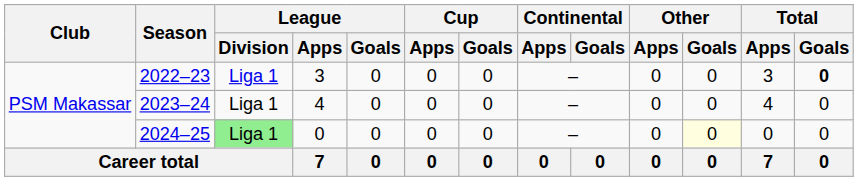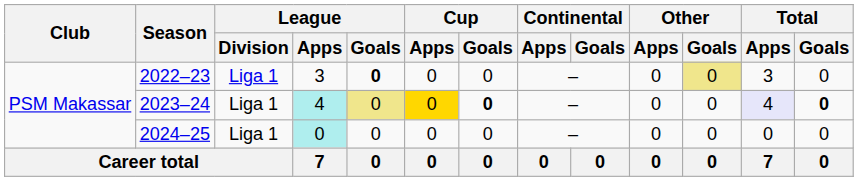 <table class="wikitable" style="text-align: center">
 <tr>
 <th rowspan="2">Club</th>
 <th rowspan="2">Season</th>
 <th colspan="3">League</th>
 <th colspan="2">Cup</th>
 <th colspan="2">Continental</th>
 <th colspan="2">Other</th>
 <th colspan="3">Total</th>
 </tr>
 <tr>
 <th>Division</th>
 <th>Apps</th>
 <th>Goals</th>
 <th>Apps</th>
 <th>Goals</th>
 <th>Apps</th>
 <th>Goals</th>
 <th>Apps</th>
 <th>Goals</th>
 <th>Apps</th>
 <th>Goals</th>
 </tr>
 <tr>
 <td rowspan="3"><a href='#'>PSM Makassar</a></td>
 <td><a href='#'>2022–23</a></td>
 <td rowspan="1" valign="center"><a href='#'>Liga 1</a></td>
 <td>3</td>
+<td><strong>0</strong></td>
+<td>0</td>
+<td>0</td>
+<td colspan="2">–</td>
+<td>0</td>
+<td style="background: khaki;">0</td>
+<td>3</td>
+<td>0</td>
+</tr>
+<tr>
+<td><a href='#'>2023–24</a></td>
+<td>Liga 1</td>
+<td style="background: paleturquoise;">4</td>
+<td style="background: khaki;">0</td>
+<td style="background: gold;">0</td>
+<td><strong>0</strong></td>
+<td colspan="2">–</td>
+<td>0</td>
+<td>0</td>
+<td style="background: lavender;">4</td>
+<td><strong>0</strong></td>
+</tr>
+<tr>
+<td><a href='#'>2024–25</a></td>
+<td>Liga 1</td>
+<td style="background: paleturquoise;">0</td>
 <td>0</td>
 <td>0</td>
 <td>0</td>
 <td colspan="2">–</td>
 <td>0</td>
 <td>0</td>
-<td>3</td>
-<td><strong>0</strong></td>
-</tr>
-<tr>
-<td><a href='#'>2023–24</a></td>
-<td>Liga 1</td>
-<td>4</td>
-<td>0</td>
-<td>0</td>
-<td>0</td>
-<td colspan="2">–</td>
-<td>0</td>
-<td>0</td>
-<td>4</td>
-<td>0</td>
-</tr>
-<tr>
-<td><a href='#'>2024–25</a></td>
-<td style="background: lightgreen;">Liga 1</td>
-<td>0</td>
-<td>0</td>
-<td>0</td>
-<td>0</td>
-<td colspan="2">–</td>
-<td>0</td>
-<td style="background: lightyellow;">0</td>
 <td>0</td>
 <td>0</td>
 </tr>
 <tr>
 <th colspan=3>Career total</th>
 <th>7</th>
 <th>0</th>
 <th>0</th>
 <th>0</th>
 <th>0</th>
 <th>0</th>
 <th>0</th>
 <th>0</th>
 <th>7</th>
 <th>0</th>
 </tr>
 </table>
